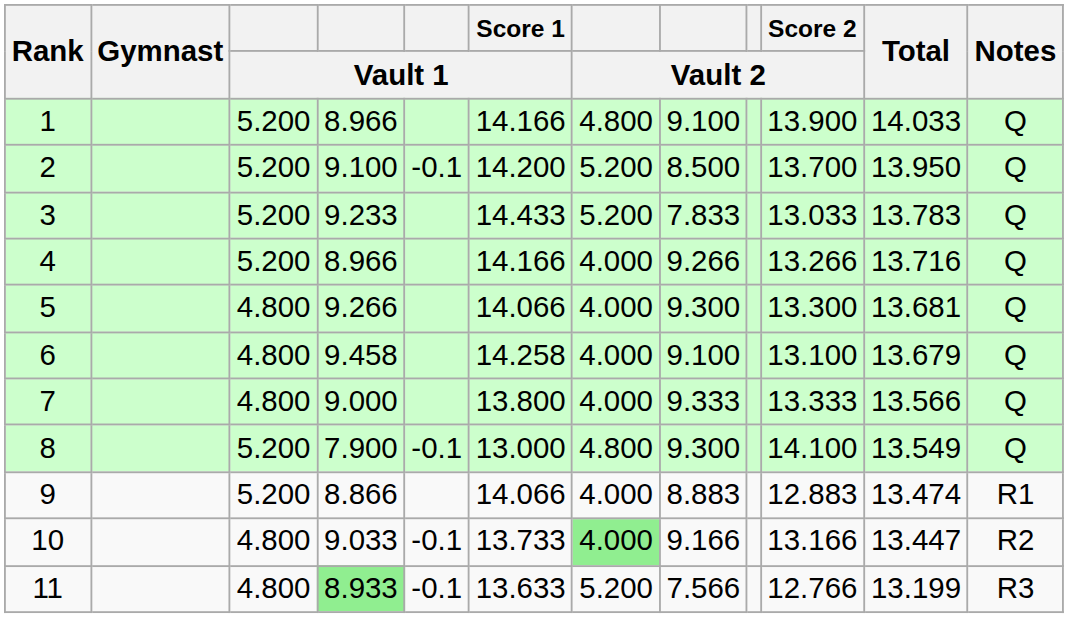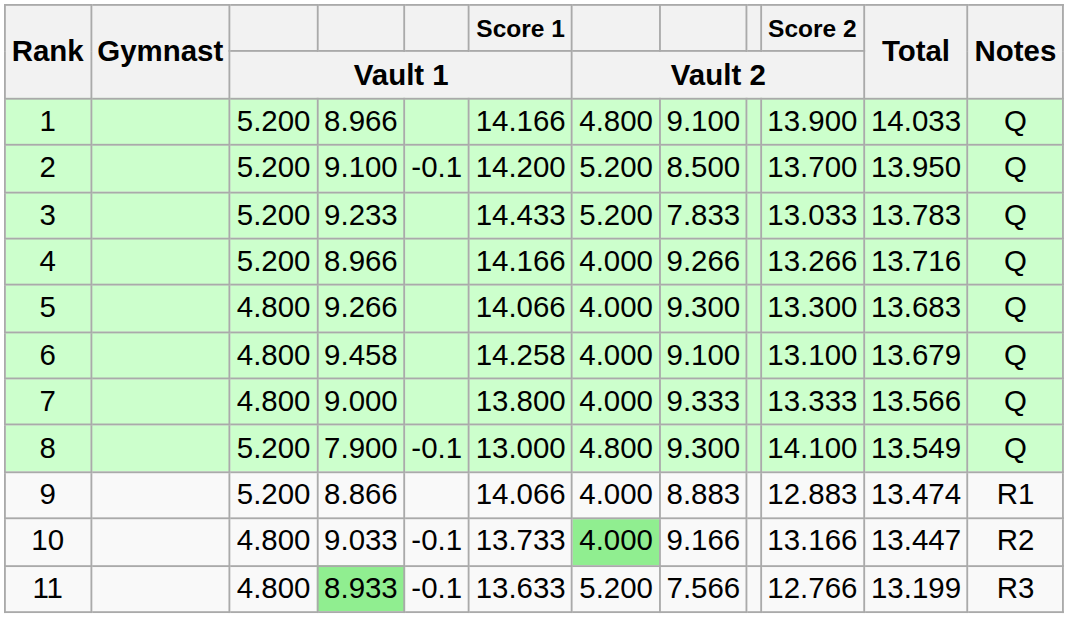 <table class="wikitable sortable" style="text-align:center">
 <tr>
 <th rowspan=2>Rank</th>
 <th rowspan=2>Gymnast</th>
 <th><small></small></th>
 <th><small></small></th>
 <th><small></small></th>
 <th><small>Score 1</small></th>
 <th><small></small></th>
 <th><small></small></th>
 <th><small></small></th>
 <th><small>Score 2</small></th>
 <th rowspan=2>Total</th>
 <th rowspan=2>Notes</th>
 </tr>
 <tr>
 <th colspan=4>Vault 1</th>
 <th colspan=4>Vault 2</th>
 </tr>
 <tr bgcolor=ccffcc>
 <td>1</td>
 <td align=left></td>
 <td>5.200</td>
 <td>8.966</td>
 <td></td>
 <td>14.166</td>
 <td>4.800</td>
 <td>9.100</td>
 <td></td>
 <td>13.900</td>
 <td>14.033</td>
 <td>Q</td>
 </tr>
 <tr bgcolor=ccffcc>
 <td>2</td>
 <td align=left></td>
 <td>5.200</td>
 <td>9.100</td>
 <td>-0.1</td>
 <td>14.200</td>
 <td>5.200</td>
 <td>8.500</td>
 <td></td>
 <td>13.700</td>
 <td>13.950</td>
 <td>Q</td>
 </tr>
 <tr bgcolor=ccffcc>
 <td>3</td>
 <td align=left></td>
 <td>5.200</td>
 <td>9.233</td>
 <td></td>
 <td>14.433</td>
 <td>5.200</td>
 <td>7.833</td>
 <td></td>
 <td>13.033</td>
 <td>13.783</td>
 <td>Q</td>
 </tr>
 <tr bgcolor=ccffcc>
 <td>4</td>
 <td align=left></td>
 <td>5.200</td>
 <td>8.966</td>
 <td></td>
 <td>14.166</td>
 <td>4.000</td>
 <td>9.266</td>
 <td></td>
 <td>13.266</td>
 <td>13.716</td>
 <td>Q</td>
 </tr>
 <tr bgcolor=ccffcc>
 <td>5</td>
 <td align=left></td>
 <td>4.800</td>
 <td>9.266</td>
 <td></td>
 <td>14.066</td>
 <td>4.000</td>
 <td>9.300</td>
 <td></td>
 <td>13.300</td>
-<td>13.681</td>
+<td>13.683</td>
 <td>Q</td>
 </tr>
 <tr bgcolor=ccffcc>
 <td>6</td>
 <td align=left></td>
 <td>4.800</td>
 <td>9.458</td>
 <td></td>
 <td>14.258</td>
 <td>4.000</td>
 <td>9.100</td>
 <td></td>
 <td>13.100</td>
 <td>13.679</td>
 <td>Q</td>
 </tr>
 <tr bgcolor=ccffcc>
 <td>7</td>
 <td align=left></td>
 <td>4.800</td>
 <td>9.000</td>
 <td></td>
 <td>13.800</td>
 <td>4.000</td>
 <td>9.333</td>
 <td></td>
 <td>13.333</td>
 <td>13.566</td>
 <td>Q</td>
 </tr>
 <tr bgcolor=ccffcc>
 <td>8</td>
 <td align=left></td>
 <td>5.200</td>
 <td>7.900</td>
 <td>-0.1</td>
 <td>13.000</td>
 <td>4.800</td>
 <td>9.300</td>
 <td></td>
 <td>14.100</td>
 <td>13.549</td>
 <td>Q</td>
 </tr>
 <tr>
 <td>9</td>
 <td align=left></td>
 <td>5.200</td>
 <td>8.866</td>
 <td></td>
 <td>14.066</td>
 <td>4.000</td>
 <td>8.883</td>
 <td></td>
 <td>12.883</td>
 <td>13.474</td>
 <td>R1</td>
 </tr>
 <tr>
 <td>10</td>
 <td align=left></td>
 <td>4.800</td>
 <td>9.033</td>
 <td>-0.1</td>
 <td>13.733</td>
 <td style="background: lightgreen;">4.000</td>
 <td>9.166</td>
 <td></td>
 <td>13.166</td>
 <td>13.447</td>
 <td>R2</td>
 </tr>
 <tr>
 <td>11</td>
 <td align=left></td>
 <td>4.800</td>
 <td style="background: lightgreen;">8.933</td>
 <td>-0.1</td>
 <td>13.633</td>
 <td>5.200</td>
 <td>7.566</td>
 <td></td>
 <td>12.766</td>
 <td>13.199</td>
 <td>R3</td>
 </tr>
 </table>
